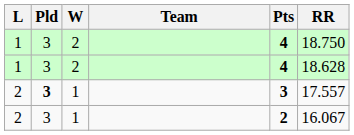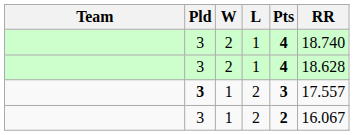 <table class="wikitable" border="1" style="text-align:center;">
 <tr>
-<th width=20 abbr="Lost">L</th>
+<th width=175>Team</th>
 <th width=20 abbr="Played">Pld</th>
 <th width=20 abbr="Won">W</th>
-<th width=175>Team</th>
+<th width=20 abbr="Lost">L</th>
 <th width=20 abbr="Points">Pts</th>
 <th width=20 abbr="Run rate">RR</th>
 </tr>
 <tr style="background:#ccffcc;">
-<td>1</td>
+<td style="text-align:left;"></td>
 <td>3</td>
 <td>2</td>
-<td style="text-align:left;"></td>
+<td>1</td>
 <td><strong>4</strong></td>
-<td>18.750</td>
+<td>18.740</td>
 </tr>
 <tr style="background:#ccffcc;">
-<td>1</td>
+<td style="text-align:left;"></td>
 <td>3</td>
 <td>2</td>
-<td style="text-align:left;"></td>
+<td>1</td>
 <td><strong>4</strong></td>
 <td>18.628</td>
 </tr>
 <tr style="background:#f9f9f9;">
-<td>2</td>
+<td style="text-align:left;"></td>
 <td><strong>3</strong></td>
 <td>1</td>
-<td style="text-align:left;"></td>
+<td>2</td>
 <td><strong>3</strong></td>
 <td>17.557</td>
 </tr>
 <tr style="background:#f9f9f9;">
-<td>2</td>
+<td style="text-align:left;"></td>
 <td>3</td>
 <td>1</td>
-<td style="text-align:left;"></td>
+<td>2</td>
 <td><strong>2</strong></td>
 <td>16.067</td>
 </tr>
 </table>
